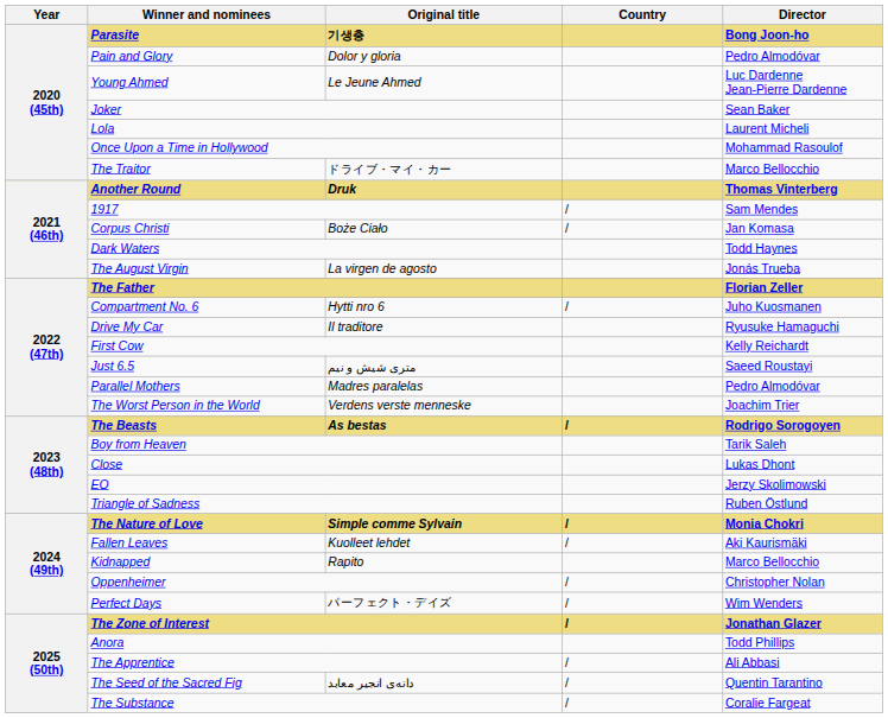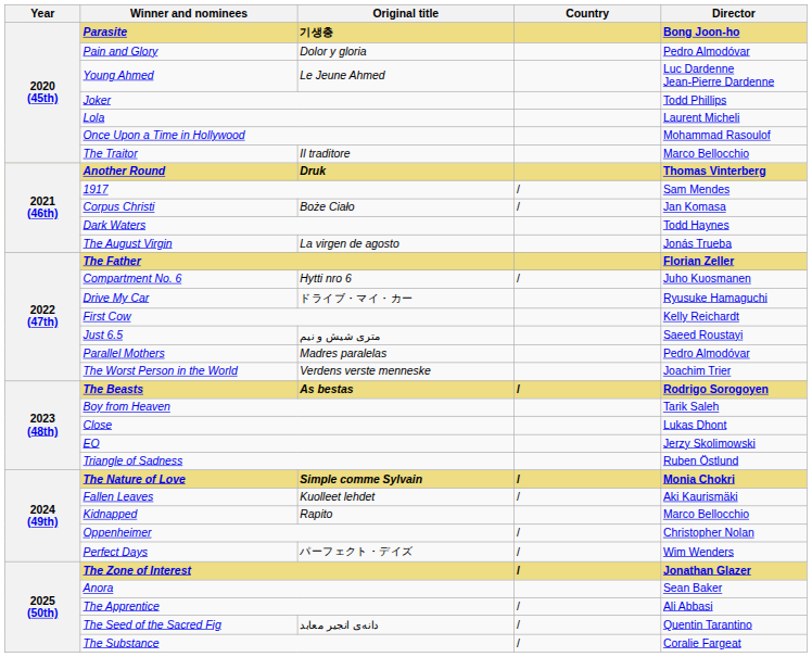 <table class="wikitable">
 <tr>
 <th width="100">Year</th>
 <th width="300">Winner and nominees</th>
 <th width="300">Original title</th>
 <th width="200">Country</th>
 <th width="200">Director</th>
 </tr>
 <tr>
 <th rowspan="7" style="text-align:center;">2020<br><a href='#'>(45th)</a></th>
 <td style="background:#eedd82;"><em><a href='#'><strong>Parasite</strong></a></em></td>
 <td style="background:#eedd82;"><strong>기생충</strong></td>
 <td style="background:#eedd82;"><strong></strong></td>
 <td style="background:#eedd82;"><strong><a href='#'>Bong Joon-ho</a></strong></td>
 </tr>
 <tr>
 <td><em><a href='#'>Pain and Glory</a></em></td>
 <td><em>Dolor y gloria</em></td>
 <td></td>
 <td><a href='#'>Pedro Almodóvar</a></td>
 </tr>
 <tr>
 <td><em><a href='#'>Young Ahmed</a></em></td>
 <td><em>Le Jeune Ahmed</em></td>
 <td></td>
 <td><a href='#'>Luc Dardenne<br>Jean-Pierre Dardenne</a></td>
 </tr>
 <tr>
 <td colspan="2"><em><a href='#'>Joker</a></em></td>
 <td></td>
-<td><a href='#'>Sean Baker</a></td>
+<td><a href='#'>Todd Phillips</a></td>
 </tr>
 <tr>
 <td colspan="2"><em><a href='#'>Lola</a></em></td>
 <td><br></td>
 <td><a href='#'>Laurent Micheli</a></td>
 </tr>
 <tr>
 <td colspan="2"><em><a href='#'>Once Upon a Time in Hollywood</a></em></td>
 <td></td>
 <td><a href='#'>Mohammad Rasoulof</a></td>
 </tr>
 <tr>
 <td><em><a href='#'>The Traitor</a></em></td>
-<td>ドライブ・マイ・カー</td>
+<td><em>Il traditore</em></td>
 <td></td>
 <td><a href='#'>Marco Bellocchio</a></td>
 </tr>
 <tr style="background:#eedd82">
 <th rowspan="5">2021<br><a href='#'>(46th)</a></th>
 <td><em><a href='#'><strong>Another Round</strong></a></em></td>
 <td><strong><em>Druk</em></strong></td>
 <td><strong></strong></td>
 <td><strong><a href='#'>Thomas Vinterberg</a></strong></td>
 </tr>
 <tr>
 <td colspan="2"><em><a href='#'>1917</a></em></td>
 <td>/<br></td>
 <td><a href='#'>Sam Mendes</a></td>
 </tr>
 <tr>
 <td><em><a href='#'>Corpus Christi</a></em></td>
 <td><em>Boże Ciało</em></td>
 <td>/<br></td>
 <td><a href='#'>Jan Komasa</a></td>
 </tr>
 <tr>
 <td colspan="2"><em><a href='#'>Dark Waters</a></em></td>
 <td></td>
 <td><a href='#'>Todd Haynes</a></td>
 </tr>
 <tr>
 <td><em><a href='#'>The August Virgin</a></em></td>
 <td><em>La virgen de agosto</em></td>
 <td></td>
 <td><a href='#'>Jonás Trueba</a></td>
 </tr>
 <tr>
 <th rowspan="7" style="text-align:center;">2022<br><a href='#'>(47th)</a></th>
 <td colspan="2" style="background:#eedd82;"><em><a href='#'><strong>The Father</strong></a></em></td>
 <td style="background:#eedd82;"><strong></strong></td>
 <td style="background:#eedd82;"><strong><a href='#'>Florian Zeller</a></strong></td>
 </tr>
 <tr>
 <td><em><a href='#'>Compartment No. 6</a></em></td>
 <td><em>Hytti nro 6</em></td>
 <td>/<br></td>
 <td><a href='#'>Juho Kuosmanen</a></td>
 </tr>
 <tr>
 <td><em><a href='#'>Drive My Car</a></em></td>
-<td><em>Il traditore</em></td>
+<td>ドライブ・マイ・カー</td>
 <td></td>
 <td><a href='#'>Ryusuke Hamaguchi</a></td>
 </tr>
 <tr>
 <td colspan="2"><em><a href='#'>First Cow</a></em></td>
 <td></td>
 <td><a href='#'>Kelly Reichardt</a></td>
 </tr>
 <tr>
 <td><em><a href='#'>Just 6.5</a></em></td>
 <td>متری شیش و نیم</td>
 <td></td>
 <td><a href='#'>Saeed Roustayi</a></td>
 </tr>
 <tr>
 <td><em><a href='#'>Parallel Mothers</a></em></td>
 <td><em>Madres paralelas</em></td>
 <td></td>
 <td><a href='#'>Pedro Almodóvar</a></td>
 </tr>
 <tr>
 <td><em><a href='#'>The Worst Person in the World</a></em></td>
 <td><em>Verdens verste menneske</em></td>
 <td></td>
 <td><a href='#'>Joachim Trier</a></td>
 </tr>
 <tr>
 <th rowspan="5" style="text-align:center;">2023<br><a href='#'>(48th)</a></th>
 <td style="background:#eedd82;"><em><a href='#'><strong>The Beasts</strong></a></em></td>
 <td style="background:#eedd82;"><strong><em>As bestas</em></strong></td>
 <td style="background:#eedd82;"><strong> / </strong></td>
 <td style="background:#eedd82;"><strong><a href='#'>Rodrigo Sorogoyen</a></strong></td>
 </tr>
 <tr>
 <td colspan="2"><em><a href='#'>Boy from Heaven</a></em></td>
 <td></td>
 <td><a href='#'>Tarik Saleh</a></td>
 </tr>
 <tr>
 <td colspan="2"><em><a href='#'>Close</a></em></td>
 <td></td>
 <td><a href='#'>Lukas Dhont</a></td>
 </tr>
 <tr>
 <td colspan="2"><em><a href='#'>EO</a></em></td>
 <td></td>
 <td><a href='#'>Jerzy Skolimowski</a></td>
 </tr>
 <tr>
 <td colspan="2"><em><a href='#'>Triangle of Sadness</a></em></td>
 <td></td>
 <td><a href='#'>Ruben Östlund</a></td>
 </tr>
 <tr>
 <th rowspan="5" style="text-align:center;">2024<br><a href='#'>(49th)</a></th>
 <td style="background:#eedd82;"><strong><em><a href='#'>The Nature of Love</a></em></strong></td>
 <td style="background:#eedd82;"><strong><em>Simple comme Sylvain</em></strong></td>
 <td style="background:#eedd82;"><strong> / </strong></td>
 <td style="background:#eedd82;"><strong><a href='#'>Monia Chokri</a></strong></td>
 </tr>
 <tr>
 <td><em><a href='#'>Fallen Leaves</a></em></td>
 <td><em>Kuolleet lehdet</em></td>
 <td> /<br> </td>
 <td><a href='#'>Aki Kaurismäki</a></td>
 </tr>
 <tr>
 <td><em><a href='#'>Kidnapped</a></em></td>
 <td><em>Rapito</em></td>
 <td></td>
 <td><a href='#'>Marco Bellocchio</a></td>
 </tr>
 <tr>
 <td colspan="2"><em><a href='#'>Oppenheimer</a></em></td>
 <td> /<br> </td>
 <td><a href='#'>Christopher Nolan</a></td>
 </tr>
 <tr>
 <td><em><a href='#'>Perfect Days</a></em></td>
 <td>パーフェクト・デイズ</td>
 <td> /<br> </td>
 <td><a href='#'>Wim Wenders</a></td>
 </tr>
 <tr>
 <th rowspan="5">2025<br><a href='#'>(50th)</a></th>
 <td colspan="2" style="background:#eedd82;"><strong><em><a href='#'>The Zone of Interest</a></em></strong></td>
 <td style="background:#eedd82;"><strong> / </strong></td>
 <td style="background:#eedd82;"><strong><a href='#'>Jonathan Glazer</a></strong></td>
 </tr>
 <tr>
 <td colspan="2"><em><a href='#'>Anora</a></em></td>
 <td></td>
-<td><a href='#'>Todd Phillips</a></td>
+<td><a href='#'>Sean Baker</a></td>
 </tr>
 <tr>
 <td colspan="2"><em><a href='#'>The Apprentice</a></em></td>
 <td> / </td>
 <td><a href='#'>Ali Abbasi</a></td>
 </tr>
 <tr>
 <td><em><a href='#'>The Seed of the Sacred Fig</a></em></td>
 <td>دانه‌ی انجیر معابد</td>
 <td> / </td>
 <td><a href='#'>Quentin Tarantino</a></td>
 </tr>
 <tr>
 <td colspan="2"><em><a href='#'>The Substance</a></em></td>
 <td> / </td>
 <td><a href='#'>Coralie Fargeat</a></td>
 </tr>
 </table>
